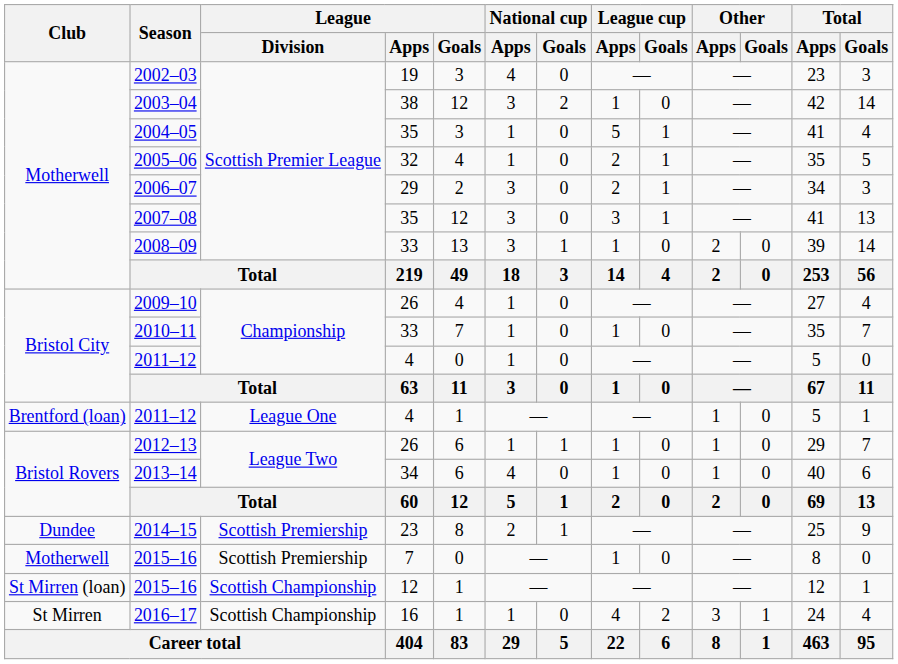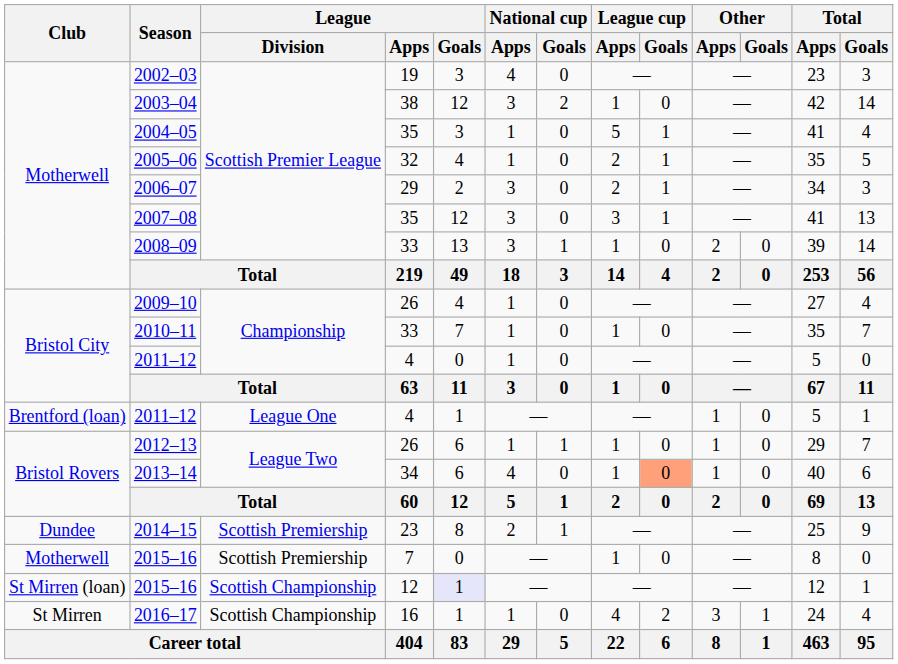 <table class="wikitable" style="text-align:center">
 <tr>
 <th rowspan="2">Club</th>
 <th rowspan="2">Season</th>
 <th colspan="3">League</th>
 <th colspan="2">National cup</th>
 <th colspan="2">League cup</th>
 <th colspan="2">Other</th>
 <th colspan="2">Total</th>
 </tr>
 <tr>
 <th>Division</th>
 <th>Apps</th>
 <th>Goals</th>
 <th>Apps</th>
 <th>Goals</th>
 <th>Apps</th>
 <th>Goals</th>
 <th>Apps</th>
 <th>Goals</th>
 <th>Apps</th>
 <th>Goals</th>
 </tr>
 <tr>
 <td rowspan="8"><a href='#'>Motherwell</a></td>
 <td><a href='#'>2002–03</a></td>
 <td rowspan="7"><a href='#'>Scottish Premier League</a></td>
 <td>19</td>
 <td>3</td>
 <td>4</td>
 <td>0</td>
 <td colspan="2">—</td>
 <td colspan="2">—</td>
 <td>23</td>
 <td>3</td>
 </tr>
 <tr>
 <td><a href='#'>2003–04</a></td>
 <td>38</td>
 <td>12</td>
 <td>3</td>
 <td>2</td>
 <td>1</td>
 <td>0</td>
 <td colspan="2">—</td>
 <td>42</td>
 <td>14</td>
 </tr>
 <tr>
 <td><a href='#'>2004–05</a></td>
 <td>35</td>
 <td>3</td>
 <td>1</td>
 <td>0</td>
 <td>5</td>
 <td>1</td>
 <td colspan="2">—</td>
 <td>41</td>
 <td>4</td>
 </tr>
 <tr>
 <td><a href='#'>2005–06</a></td>
 <td>32</td>
 <td>4</td>
 <td>1</td>
 <td>0</td>
 <td>2</td>
 <td>1</td>
 <td colspan="2">—</td>
 <td>35</td>
 <td>5</td>
 </tr>
 <tr>
 <td><a href='#'>2006–07</a></td>
 <td>29</td>
 <td>2</td>
 <td>3</td>
 <td>0</td>
 <td>2</td>
 <td>1</td>
 <td colspan="2">—</td>
 <td>34</td>
 <td>3</td>
 </tr>
 <tr>
 <td><a href='#'>2007–08</a></td>
 <td>35</td>
 <td>12</td>
 <td>3</td>
 <td>0</td>
 <td>3</td>
 <td>1</td>
 <td colspan="2">—</td>
 <td>41</td>
 <td>13</td>
 </tr>
 <tr>
 <td><a href='#'>2008–09</a></td>
 <td>33</td>
 <td>13</td>
 <td>3</td>
 <td>1</td>
 <td>1</td>
 <td>0</td>
 <td>2</td>
 <td>0</td>
 <td>39</td>
 <td>14</td>
 </tr>
 <tr>
 <th colspan="2">Total</th>
 <th>219</th>
 <th>49</th>
 <th>18</th>
 <th>3</th>
 <th>14</th>
 <th>4</th>
 <th>2</th>
 <th>0</th>
 <th>253</th>
 <th>56</th>
 </tr>
 <tr>
 <td rowspan="4"><a href='#'>Bristol City</a></td>
 <td><a href='#'>2009–10</a></td>
 <td rowspan="3"><a href='#'>Championship</a></td>
 <td>26</td>
 <td>4</td>
 <td>1</td>
 <td>0</td>
 <td colspan="2">—</td>
 <td colspan="2">—</td>
 <td>27</td>
 <td>4</td>
 </tr>
 <tr>
 <td><a href='#'>2010–11</a></td>
 <td>33</td>
 <td>7</td>
 <td>1</td>
 <td>0</td>
 <td>1</td>
 <td>0</td>
 <td colspan="2">—</td>
 <td>35</td>
 <td>7</td>
 </tr>
 <tr>
 <td><a href='#'>2011–12</a></td>
 <td>4</td>
 <td>0</td>
 <td>1</td>
 <td>0</td>
 <td colspan="2">—</td>
 <td colspan="2">—</td>
 <td>5</td>
 <td>0</td>
 </tr>
 <tr>
 <th colspan="2">Total</th>
 <th>63</th>
 <th>11</th>
 <th>3</th>
 <th>0</th>
 <th>1</th>
 <th>0</th>
 <th colspan="2">—</th>
 <th>67</th>
 <th>11</th>
 </tr>
 <tr>
 <td><a href='#'>Brentford (loan)</a></td>
 <td><a href='#'>2011–12</a></td>
 <td><a href='#'>League One</a></td>
 <td>4</td>
 <td>1</td>
 <td colspan="2">—</td>
 <td colspan="2">—</td>
 <td>1</td>
 <td>0</td>
 <td>5</td>
 <td>1</td>
 </tr>
 <tr>
 <td rowspan="3"><a href='#'>Bristol Rovers</a></td>
 <td><a href='#'>2012–13</a></td>
 <td rowspan="2"><a href='#'>League Two</a></td>
 <td>26</td>
 <td>6</td>
 <td>1</td>
 <td>1</td>
 <td>1</td>
 <td>0</td>
 <td>1</td>
 <td>0</td>
 <td>29</td>
 <td>7</td>
 </tr>
 <tr>
 <td><a href='#'>2013–14</a></td>
 <td>34</td>
 <td>6</td>
 <td>4</td>
 <td>0</td>
 <td>1</td>
-<td>0</td>
+<td style="background: lightsalmon;">0</td>
 <td>1</td>
 <td>0</td>
 <td>40</td>
 <td>6</td>
 </tr>
 <tr>
 <th colspan="2">Total</th>
 <th>60</th>
 <th>12</th>
 <th>5</th>
 <th>1</th>
 <th>2</th>
 <th>0</th>
 <th>2</th>
 <th>0</th>
 <th>69</th>
 <th>13</th>
 </tr>
 <tr>
 <td><a href='#'>Dundee</a></td>
 <td><a href='#'>2014–15</a></td>
 <td><a href='#'>Scottish Premiership</a></td>
 <td>23</td>
 <td>8</td>
 <td>2</td>
 <td>1</td>
 <td colspan="2">—</td>
 <td colspan="2">—</td>
 <td>25</td>
 <td>9</td>
 </tr>
 <tr>
 <td><a href='#'>Motherwell</a></td>
 <td><a href='#'>2015–16</a></td>
 <td>Scottish Premiership</td>
 <td>7</td>
 <td>0</td>
 <td colspan="2">—</td>
 <td>1</td>
 <td>0</td>
 <td colspan="2">—</td>
 <td>8</td>
 <td>0</td>
 </tr>
 <tr>
 <td><a href='#'>St Mirren</a> (loan)</td>
 <td><a href='#'>2015–16</a></td>
 <td><a href='#'>Scottish Championship</a></td>
 <td>12</td>
-<td>1</td>
+<td style="background: lavender;">1</td>
 <td colspan="2">—</td>
 <td colspan="2">—</td>
 <td colspan="2">—</td>
 <td>12</td>
 <td>1</td>
 </tr>
 <tr>
 <td>St Mirren</td>
 <td><a href='#'>2016–17</a></td>
 <td>Scottish Championship</td>
 <td>16</td>
 <td>1</td>
 <td>1</td>
 <td>0</td>
 <td>4</td>
 <td>2</td>
 <td>3</td>
 <td>1</td>
 <td>24</td>
 <td>4</td>
 </tr>
 <tr>
 <th colspan="3">Career total</th>
 <th>404</th>
 <th>83</th>
 <th>29</th>
 <th>5</th>
 <th>22</th>
 <th>6</th>
 <th>8</th>
 <th>1</th>
 <th>463</th>
 <th>95</th>
 </tr>
 </table>
